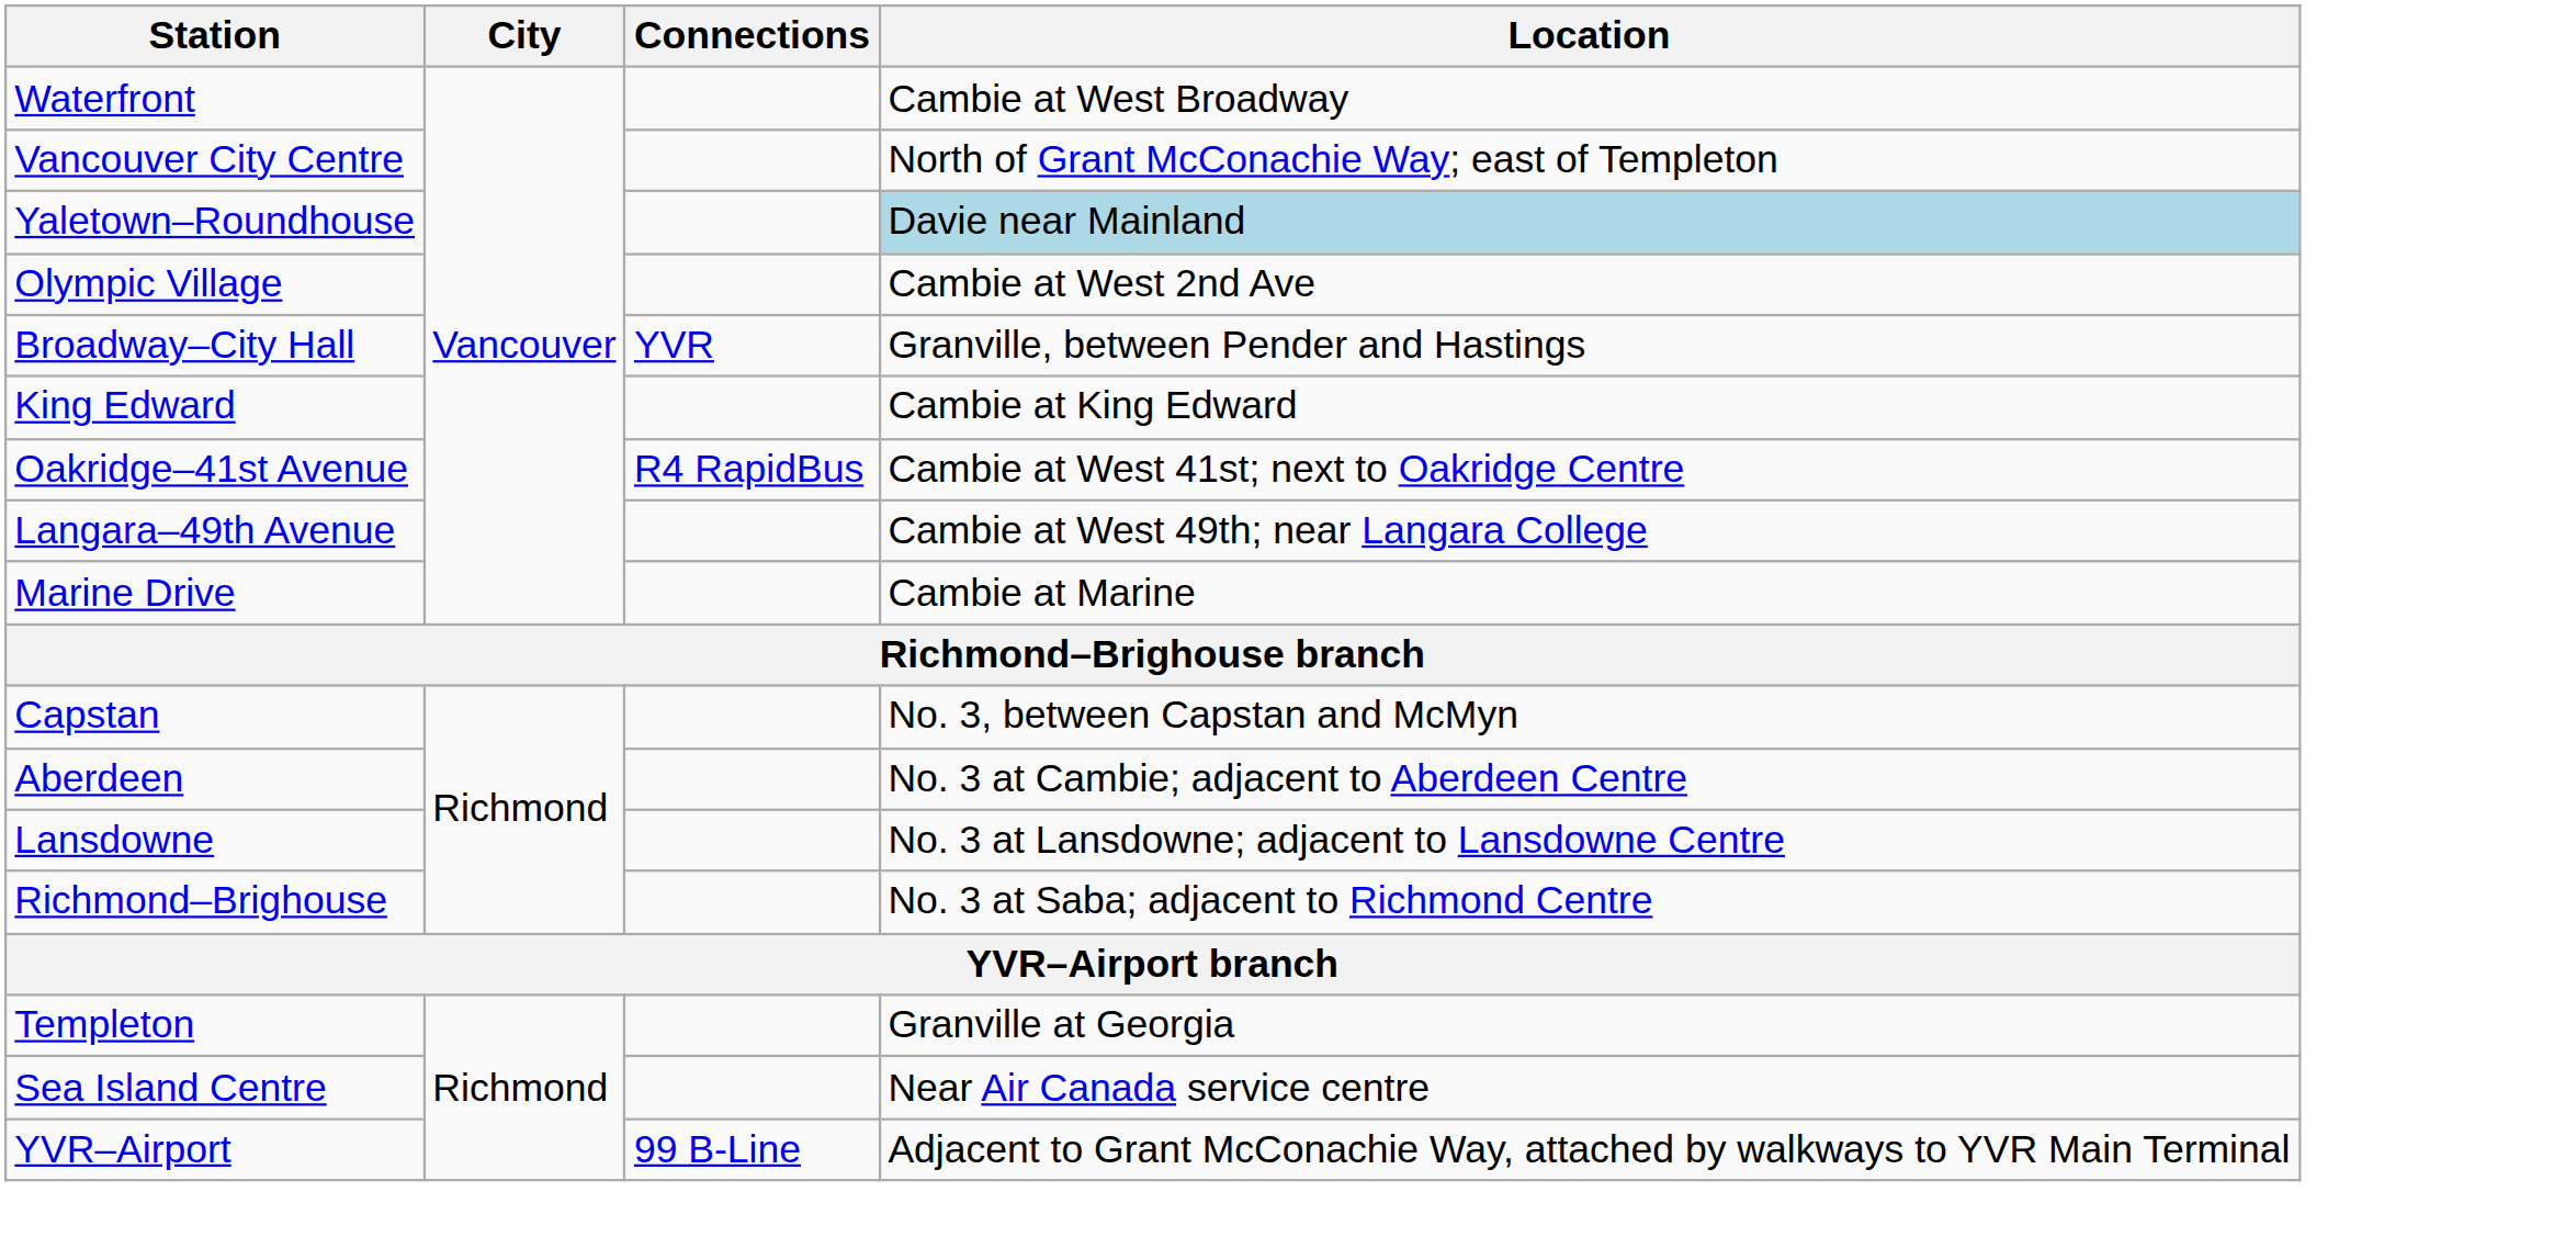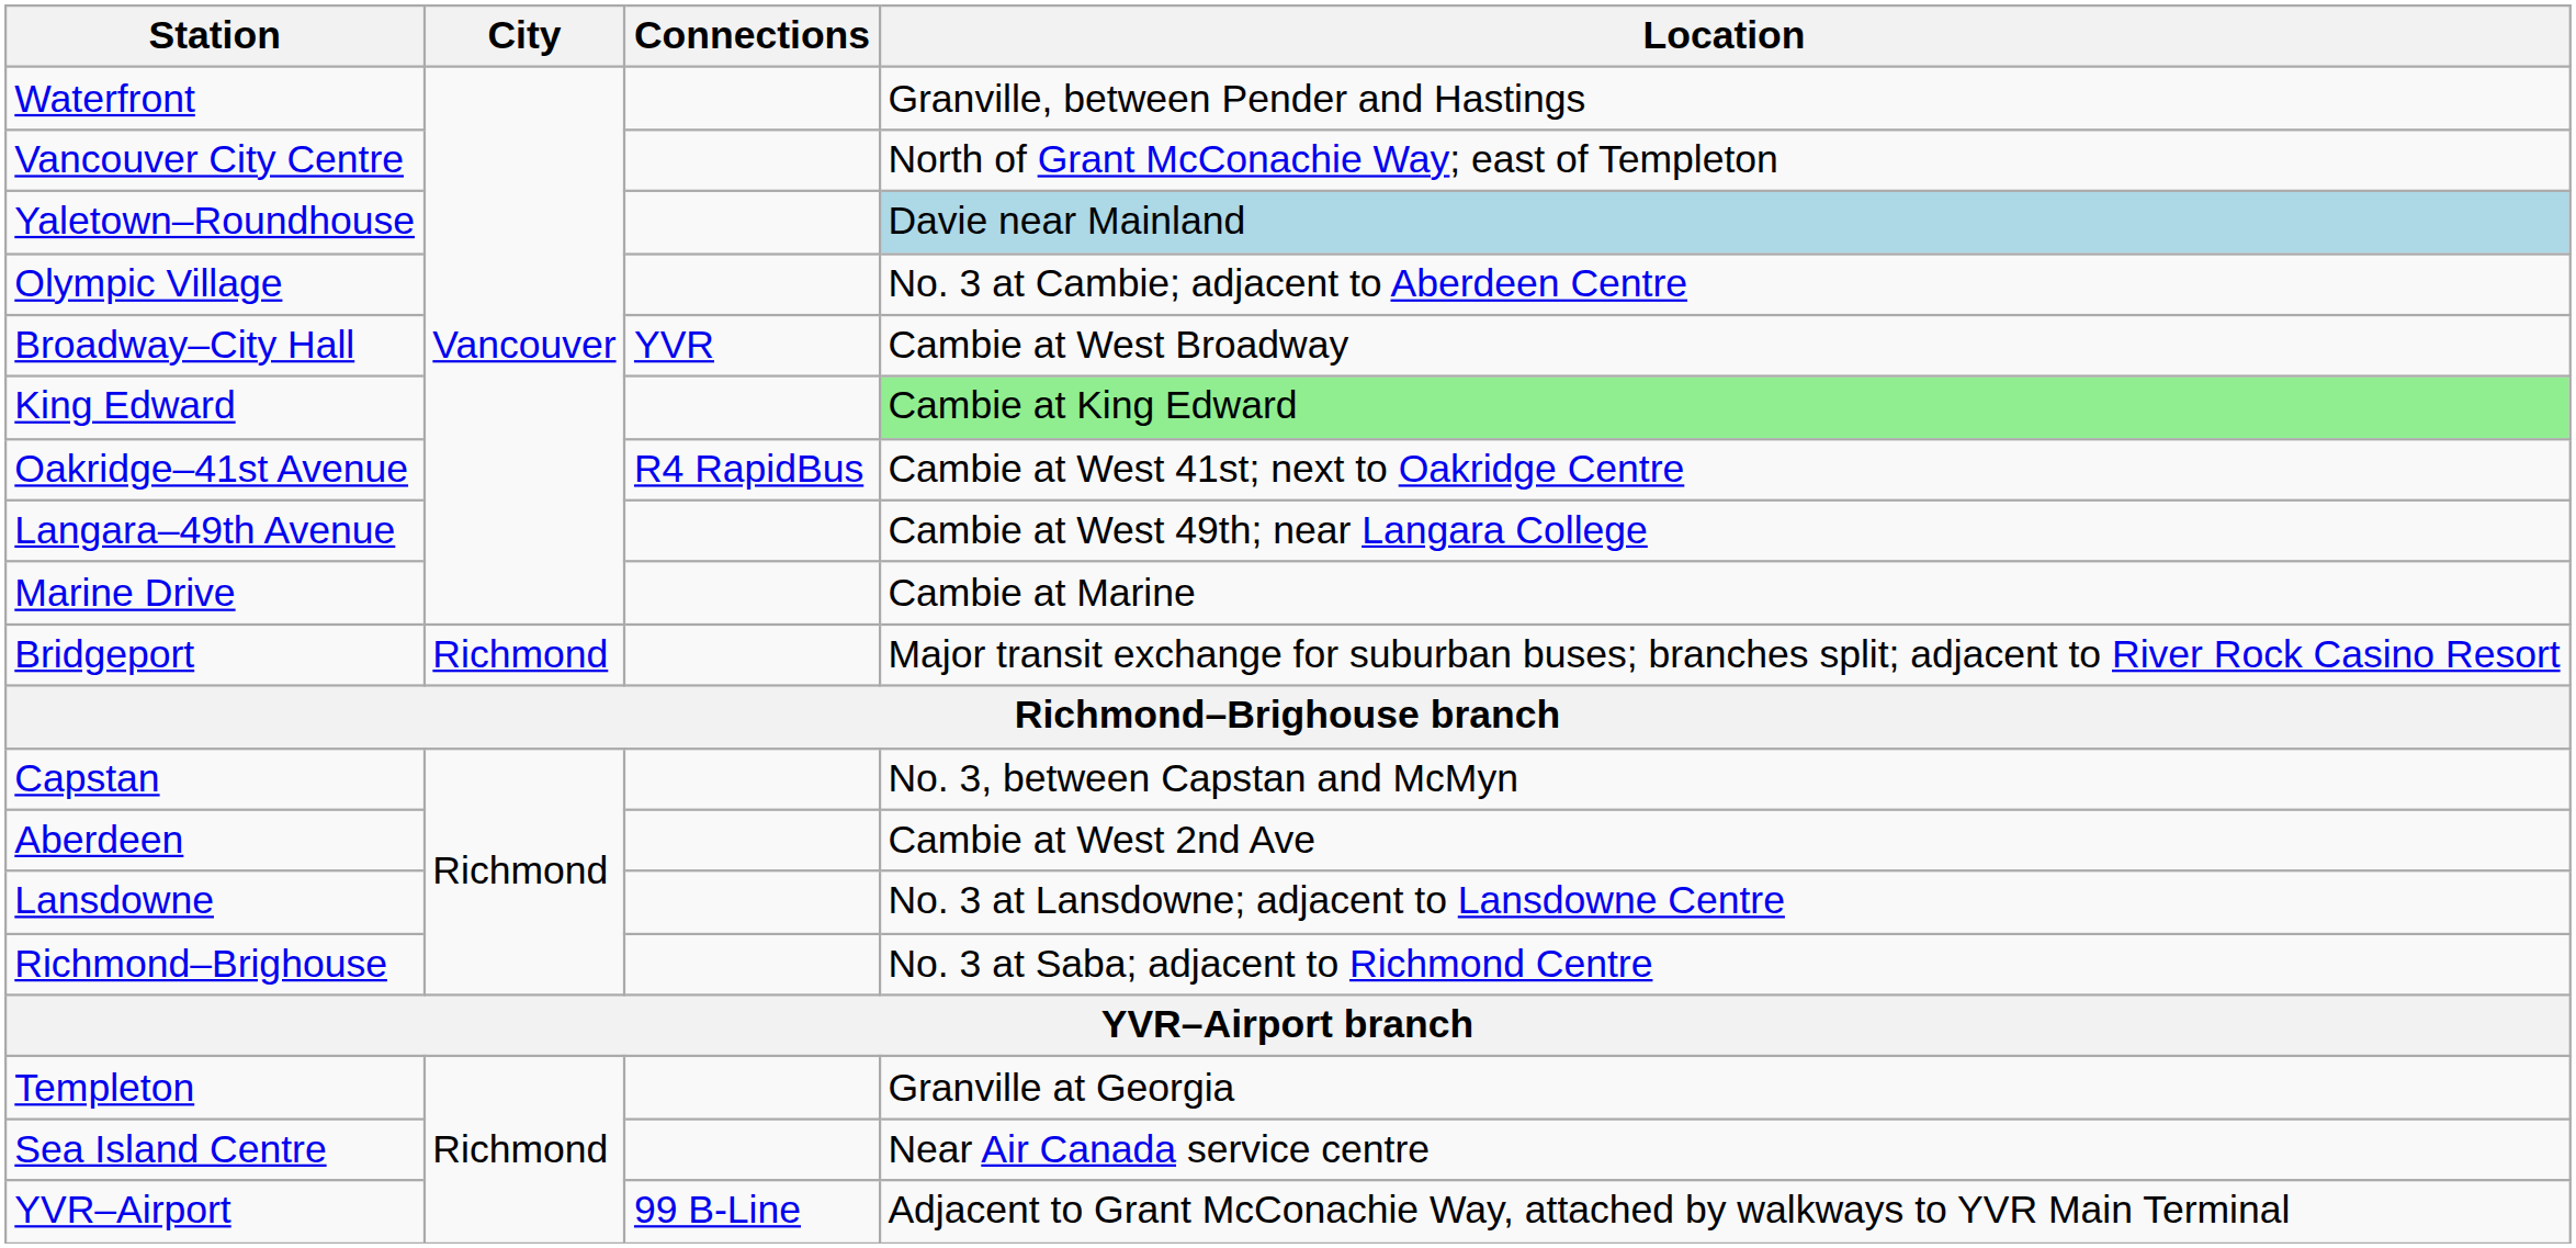 <table class="wikitable">
 <tr>
 <th>Station</th>
 <th>City</th>
 <th>Connections</th>
 <th>Location</th>
 </tr>
 <tr>
 <td><a href='#'>Waterfront</a></td>
 <td rowspan="9"><a href='#'>Vancouver</a></td>
 <td></td>
-<td>Cambie at West Broadway</td>
+<td>Granville, between Pender and Hastings</td>
 </tr>
 <tr>
 <td><a href='#'>Vancouver City Centre</a></td>
 <td></td>
 <td>North of <a href='#'>Grant McConachie Way</a>; east of Templeton</td>
 </tr>
 <tr>
 <td><a href='#'>Yaletown–Roundhouse</a></td>
 <td></td>
 <td style="background: lightblue;">Davie near Mainland</td>
 </tr>
 <tr>
 <td><a href='#'>Olympic Village</a></td>
 <td></td>
-<td>Cambie at West 2nd Ave</td>
+<td>No. 3 at Cambie; adjacent to <a href='#'>Aberdeen Centre</a></td>
 </tr>
 <tr>
 <td><a href='#'>Broadway–City Hall</a></td>
 <td> <a href='#'>YVR</a></td>
-<td>Granville, between Pender and Hastings</td>
+<td>Cambie at West Broadway</td>
 </tr>
 <tr>
 <td><a href='#'>King Edward</a></td>
 <td></td>
-<td>Cambie at King Edward</td>
+<td style="background: lightgreen;">Cambie at King Edward</td>
 </tr>
 <tr>
 <td><a href='#'>Oakridge–41st Avenue</a></td>
 <td> <a href='#'>R4 RapidBus</a></td>
 <td>Cambie at West 41st; next to <a href='#'>Oakridge Centre</a></td>
 </tr>
 <tr>
 <td><a href='#'>Langara–49th Avenue</a></td>
 <td></td>
 <td>Cambie at West 49th; near <a href='#'>Langara College</a></td>
 </tr>
 <tr>
 <td><a href='#'>Marine Drive</a></td>
 <td></td>
 <td>Cambie at Marine</td>
 </tr>
 <tr>
+<td><a href='#'>Bridgeport</a></td>
+<td><a href='#'>Richmond</a></td>
+<td></td>
+<td>Major transit exchange for suburban buses; branches split; adjacent to <a href='#'>River Rock Casino Resort</a></td>
+</tr>
+<tr>
 <th colspan="4">Richmond–Brighouse branch</th>
 </tr>
 <tr>
 <td><a href='#'>Capstan</a></td>
 <td rowspan="4">Richmond</td>
 <td></td>
 <td>No. 3, between Capstan and McMyn</td>
 </tr>
 <tr>
 <td><a href='#'>Aberdeen</a></td>
 <td></td>
-<td>No. 3 at Cambie; adjacent to <a href='#'>Aberdeen Centre</a></td>
+<td>Cambie at West 2nd Ave</td>
 </tr>
 <tr>
 <td><a href='#'>Lansdowne</a></td>
 <td></td>
 <td>No. 3 at Lansdowne; adjacent to <a href='#'>Lansdowne Centre</a></td>
 </tr>
 <tr>
 <td><a href='#'>Richmond–Brighouse</a></td>
 <td></td>
 <td>No. 3 at Saba; adjacent to <a href='#'>Richmond Centre</a></td>
 </tr>
 <tr>
 <th colspan="4">YVR–Airport branch</th>
 </tr>
 <tr>
 <td><a href='#'>Templeton</a></td>
 <td rowspan="3">Richmond</td>
 <td></td>
 <td>Granville at Georgia</td>
 </tr>
 <tr>
 <td><a href='#'>Sea Island Centre</a></td>
 <td></td>
 <td>Near <a href='#'>Air Canada</a> service centre</td>
 </tr>
 <tr>
 <td><a href='#'>YVR–Airport</a></td>
 <td> <a href='#'>99 B-Line</a></td>
 <td>Adjacent to Grant McConachie Way, attached by walkways to YVR Main Terminal</td>
 </tr>
 </table>
